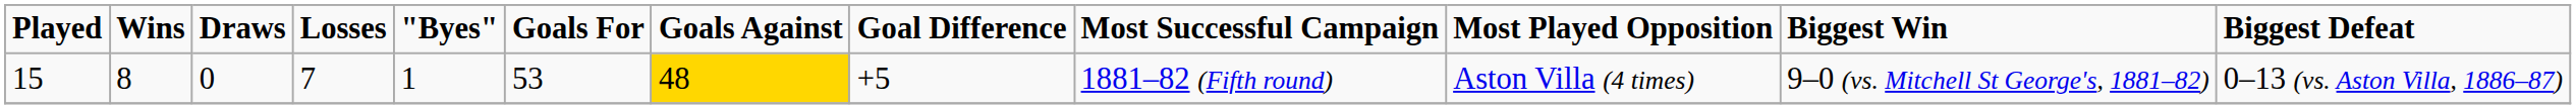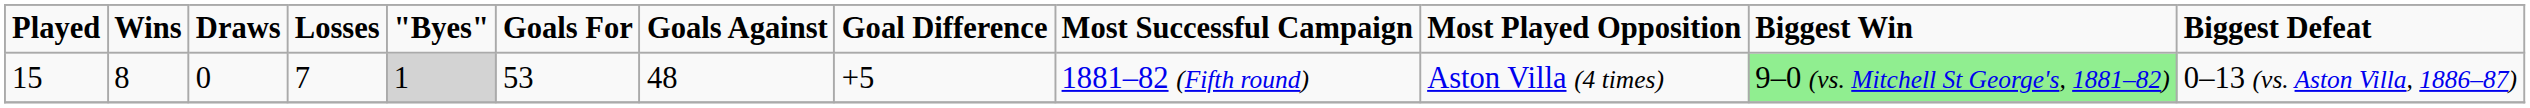 <table class="wikitable">
 <tr>
 <td><strong>Played</strong></td>
 <td><strong>Wins</strong></td>
 <td><strong>Draws</strong></td>
 <td><strong>Losses</strong></td>
 <td><strong>"Byes"</strong></td>
 <td><strong>Goals For</strong></td>
 <td><strong>Goals Against</strong></td>
 <td><strong>Goal Difference</strong></td>
 <td><strong>Most Successful Campaign</strong></td>
 <td><strong>Most Played Opposition</strong></td>
 <td><strong>Biggest Win</strong></td>
 <td><strong>Biggest Defeat</strong></td>
 </tr>
 <tr>
 <td>15</td>
 <td>8</td>
 <td>0</td>
 <td>7</td>
-<td>1</td>
+<td style="background: lightgrey;">1</td>
 <td>53</td>
-<td style="background: gold;">48</td>
+<td>48</td>
 <td>+5</td>
 <td><a href='#'>1881–82</a> <small><em>(<a href='#'>Fifth round</a>)</em></small></td>
 <td><a href='#'>Aston Villa</a> <small><em>(4 times)</em></small></td>
-<td>9–0 <small><em>(vs. <a href='#'>Mitchell St George's</a>, <a href='#'>1881–82</a>)</em></small></td>
+<td style="background: lightgreen;">9–0 <small><em>(vs. <a href='#'>Mitchell St George's</a>, <a href='#'>1881–82</a>)</em></small></td>
 <td>0–13 <small><em>(vs. <a href='#'>Aston Villa</a>, <a href='#'>1886–87</a>)</em></small></td>
 </tr>
 <tr>
 </tr>
 </table>
